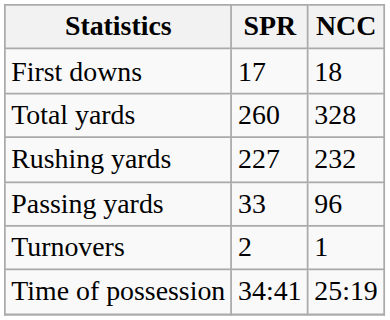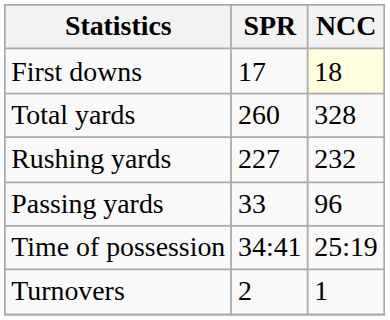 <table class="wikitable">
 <tr>
 <th>Statistics</th>
 <th>SPR</th>
 <th>NCC</th>
 </tr>
 <tr>
 <td>First downs</td>
 <td>17</td>
-<td>18</td>
+<td style="background: lightyellow;">18</td>
 </tr>
 <tr>
 <td>Total yards</td>
 <td>260</td>
 <td>328</td>
 </tr>
 <tr>
 <td>Rushing yards</td>
 <td>227</td>
 <td>232</td>
 </tr>
 <tr>
 <td>Passing yards</td>
 <td>33</td>
 <td>96</td>
 </tr>
 <tr>
+<td>Time of possession</td>
+<td>34:41</td>
+<td>25:19</td>
+</tr>
+<tr>
 <td>Turnovers</td>
 <td>2</td>
 <td>1</td>
 </tr>
 <tr>
-<td>Time of possession</td>
-<td>34:41</td>
-<td>25:19</td>
-</tr>
-<tr>
 </tr>
 </table>
